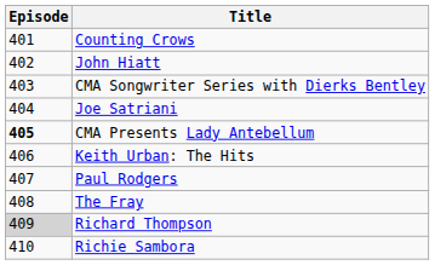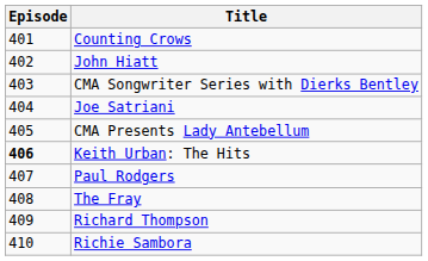 <table class = "wikitable">
 <tr>
 <th>Episode</th>
 <th>Title</th>
 </tr>
 <tr>
 <td>401</td>
 <td><a href='#'>Counting Crows</a></td>
 </tr>
 <tr>
 <td>402</td>
 <td><a href='#'>John Hiatt</a></td>
 </tr>
 <tr>
 <td>403</td>
 <td>CMA Songwriter Series with <a href='#'>Dierks Bentley</a></td>
 </tr>
 <tr>
 <td>404</td>
 <td><a href='#'>Joe Satriani</a></td>
 </tr>
 <tr>
-<td><strong>405</strong></td>
+<td>405</td>
 <td>CMA Presents <a href='#'>Lady Antebellum</a></td>
 </tr>
 <tr>
-<td>406</td>
+<td><strong>406</strong></td>
 <td><a href='#'>Keith Urban</a>: The Hits</td>
 </tr>
 <tr>
 <td>407</td>
 <td><a href='#'>Paul Rodgers</a></td>
 </tr>
 <tr>
 <td>408</td>
 <td><a href='#'>The Fray</a></td>
 </tr>
 <tr>
-<td style="background: lightgrey;">409</td>
+<td>409</td>
 <td><a href='#'>Richard Thompson</a></td>
 </tr>
 <tr>
 <td>410</td>
 <td><a href='#'>Richie Sambora</a></td>
 </tr>
 </table>
